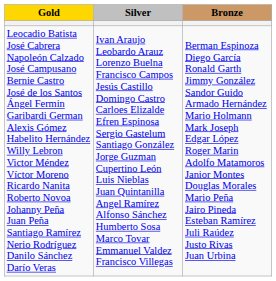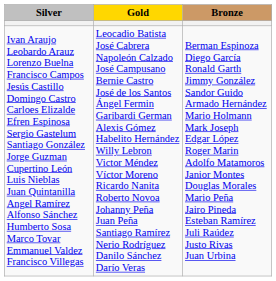 <table class="wikitable">
 <tr align="center">
+<td width=33% bgcolor="silver"><strong>Silver</strong></td>
 <td width=33% bgcolor="gold"><strong>Gold</strong></td>
-<td width=33% bgcolor="silver"><strong>Silver</strong></td>
 <td width=33% bgcolor="CC9966"><strong>Bronze</strong></td>
 </tr>
 <tr valign="top">
 <th></th>
 <th></th>
 <th></th>
 </tr>
 <tr>
+<td><a href='#'>Ivan Araujo</a><br><a href='#'>Leobardo Arauz</a><br><a href='#'>Lorenzo Buelna</a><br><a href='#'>Francisco Campos</a><br><a href='#'>Jesús Castillo</a><br><a href='#'>Domingo Castro</a><br><a href='#'>Carloes Elizalde</a><br><a href='#'>Efren Espinosa</a><br><a href='#'>Sergio Gastelum</a><br><a href='#'>Santiago González</a><br><a href='#'>Jorge Guzman</a><br><a href='#'>Cupertino León</a><br><a href='#'>Luis Nieblas</a><br><a href='#'>Juan Quintanilla</a><br><a href='#'>Angel Ramírez</a><br><a href='#'>Alfonso Sánchez</a><br><a href='#'>Humberto Sosa</a><br><a href='#'>Marco Tovar</a><br><a href='#'>Emmanuel Valdez</a><br><a href='#'>Francisco Villegas</a></td>
 <td><a href='#'>Leocadio Batista</a><br><a href='#'>José Cabrera</a><br><a href='#'>Napoleón Calzado</a><br><a href='#'>José Campusano</a><br><a href='#'>Bernie Castro</a><br><a href='#'>José de los Santos</a><br><a href='#'>Ángel Fermin</a><br><a href='#'>Garibardi German</a><br><a href='#'>Alexis Gómez</a><br><a href='#'>Habelito Hernández</a><br><a href='#'>Willy Lebron</a><br><a href='#'>Victor Méndez</a><br><a href='#'>Víctor Moreno</a><br><a href='#'>Ricardo Nanita</a><br><a href='#'>Roberto Novoa</a><br><a href='#'>Johanny Peña</a><br><a href='#'>Juan Peña</a><br><a href='#'>Santiago Ramírez</a><br><a href='#'>Nerio Rodríguez</a><br><a href='#'>Danilo Sánchez</a><br><a href='#'>Darío Veras</a></td>
-<td><a href='#'>Ivan Araujo</a><br><a href='#'>Leobardo Arauz</a><br><a href='#'>Lorenzo Buelna</a><br><a href='#'>Francisco Campos</a><br><a href='#'>Jesús Castillo</a><br><a href='#'>Domingo Castro</a><br><a href='#'>Carloes Elizalde</a><br><a href='#'>Efren Espinosa</a><br><a href='#'>Sergio Gastelum</a><br><a href='#'>Santiago González</a><br><a href='#'>Jorge Guzman</a><br><a href='#'>Cupertino León</a><br><a href='#'>Luis Nieblas</a><br><a href='#'>Juan Quintanilla</a><br><a href='#'>Angel Ramírez</a><br><a href='#'>Alfonso Sánchez</a><br><a href='#'>Humberto Sosa</a><br><a href='#'>Marco Tovar</a><br><a href='#'>Emmanuel Valdez</a><br><a href='#'>Francisco Villegas</a></td>
 <td><a href='#'>Berman Espinoza</a><br><a href='#'>Diego García</a><br><a href='#'>Ronald Garth</a><br><a href='#'>Jimmy González</a><br><a href='#'>Sandor Guido</a><br><a href='#'>Armado Hernández</a><br><a href='#'>Mario Holmann</a><br><a href='#'>Mark Joseph</a><br><a href='#'>Edgar López</a><br><a href='#'>Roger Marin</a><br><a href='#'>Adolfo Matamoros</a><br><a href='#'>Janior Montes</a><br><a href='#'>Douglas Morales</a><br><a href='#'>Mario Peña</a><br><a href='#'>Jairo Pineda</a><br><a href='#'>Esteban Ramírez</a><br><a href='#'>Juli Raúdez</a><br><a href='#'>Justo Rivas</a><br><a href='#'>Juan Urbina</a></td>
 </tr>
 </table>
